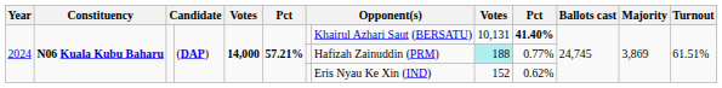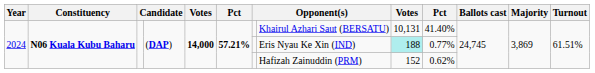 <table class="wikitable" style="margin:0.5em ; font-size:95%">
 <tr>
 <th>Year</th>
 <th>Constituency</th>
 <th colspan=2>Candidate</th>
 <th>Votes</th>
 <th>Pct</th>
 <th colspan=2>Opponent(s)</th>
 <th>Votes</th>
 <th>Pct</th>
 <th>Ballots cast</th>
 <th>Majority</th>
 <th>Turnout</th>
 </tr>
 <tr>
 <td rowspan=3><a href='#'>2024</a></td>
 <td rowspan=3><strong>N06 <a href='#'>Kuala Kubu Baharu</a></strong></td>
 <td rowspan=3 ></td>
 <td rowspan=3> (<a href='#'><strong>DAP</strong></a>)</td>
 <td rowspan=3 align=right><strong>14,000</strong></td>
 <td rowspan=3><strong>57.21%</strong></td>
 <td></td>
 <td><a href='#'>Khairul Azhari Saut</a> (<a href='#'>BERSATU</a>)</td>
 <td align=right>10,131</td>
-<td><strong>41.40%</strong></td>
+<td>41.40%</td>
 <td rowspan=3>24,745</td>
 <td rowspan=3>3,869</td>
 <td rowspan=3>61.51%</td>
 </tr>
 <tr>
 <td></td>
-<td>Hafizah Zainuddin (<a href='#'>PRM</a>)</td>
+<td>Eris Nyau Ke Xin (<a href='#'>IND</a>)</td>
 <td align=right style="background: paleturquoise;">188</td>
 <td align=right>0.77%</td>
 </tr>
 <tr>
 <td bgcolor=></td>
-<td>Eris Nyau Ke Xin (<a href='#'>IND</a>)</td>
+<td>Hafizah Zainuddin (<a href='#'>PRM</a>)</td>
 <td align=right>152</td>
 <td align=right>0.62%</td>
 </tr>
 </table>
